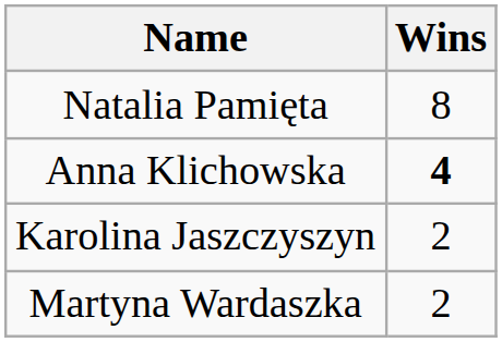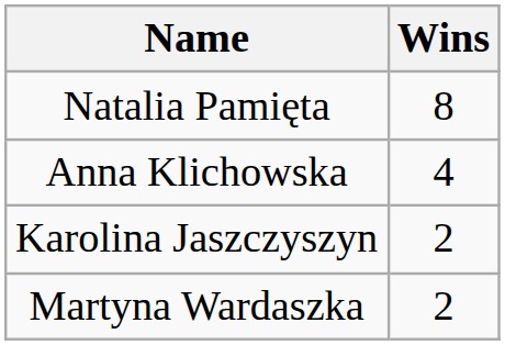 <table class="wikitable" style="text-align: center">
 <tr>
 <th>Name</th>
 <th>Wins</th>
 </tr>
 <tr>
 <td>Natalia Pamięta</td>
 <td>8</td>
 </tr>
 <tr>
 <td>Anna Klichowska</td>
-<td><strong>4</strong></td>
+<td>4</td>
 </tr>
 <tr>
 <td>Karolina Jaszczyszyn</td>
 <td>2</td>
 </tr>
 <tr>
 <td>Martyna Wardaszka</td>
 <td>2</td>
 </tr>
 </table>
